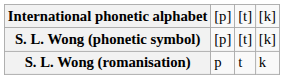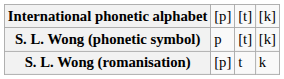 <table class="wikitable">
 <tr>
 <th>International phonetic alphabet</th>
 <td>[p]</td>
 <td>[t]</td>
 <td>[k]</td>
 </tr>
 <tr>
 <th>S. L. Wong (phonetic symbol)</th>
-<td>[p]</td>
+<td>p</td>
 <td>[t]</td>
 <td>[k]</td>
 </tr>
 <tr>
 <th>S. L. Wong (romanisation)</th>
-<td>p</td>
+<td>[p]</td>
 <td>t</td>
 <td>k</td>
 </tr>
 </table>
